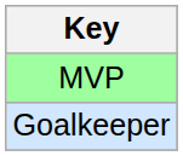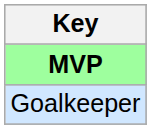 <table class="wikitable" style="text-align:center">
 <tr>
 <th>Key</th>
 </tr>
 <tr bgcolor="#9eff9e">
-<td>MVP</td>
+<td><strong>MVP</strong></td>
 </tr>
 <tr style="background:#d0e7ff">
 <td>Goalkeeper</td>
 </tr>
 </table>
